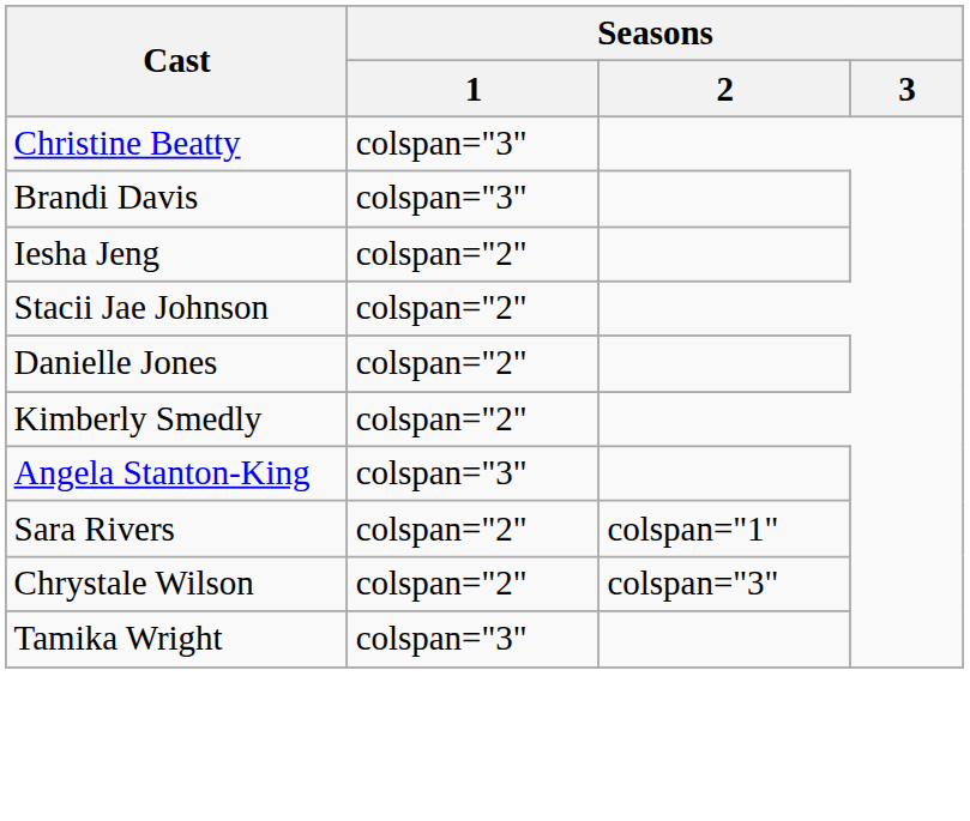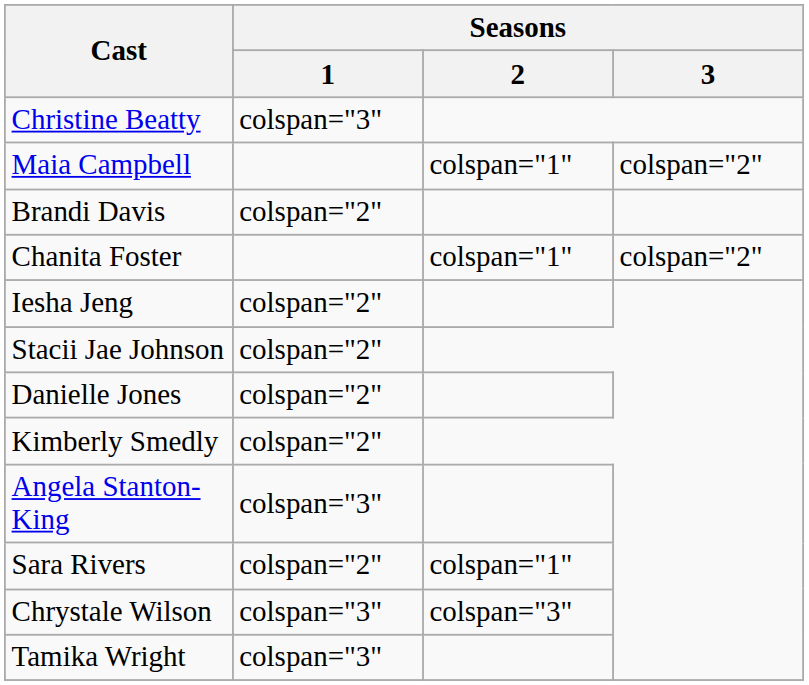 <table class="wikitable plainrowheaders" style="width:50%;">
 <tr>
 <th scope="col" rowspan="2" width="15%">Cast</th>
 <th scope="col" colspan="3">Seasons</th>
 </tr>
 <tr>
 <th style="width:5%;">1</th>
 <th style="width:5%;">2</th>
 <th style="width:5%;">3</th>
 </tr>
 <tr>
 <td><a href='#'>Christine Beatty</a></td>
 <td>colspan="3" </td>
 </tr>
 <tr>
+<td><a href='#'>Maia Campbell</a></td>
+<td></td>
+<td>colspan="1" </td>
+<td>colspan="2" </td>
+</tr>
+<tr>
 <td>Brandi Davis</td>
-<td>colspan="3" </td>
+<td>colspan="2" </td>
 <td></td>
+</tr>
+<tr>
+<td>Chanita Foster</td>
+<td></td>
+<td>colspan="1" </td>
+<td>colspan="2" </td>
 </tr>
 <tr>
 <td>Iesha Jeng</td>
 <td>colspan="2" </td>
 <td></td>
 </tr>
 <tr>
 <td>Stacii Jae Johnson</td>
 <td>colspan="2" </td>
 </tr>
 <tr>
 <td>Danielle Jones</td>
 <td>colspan="2" </td>
 <td></td>
 </tr>
 <tr>
 <td>Kimberly Smedly</td>
 <td>colspan="2" </td>
 </tr>
 <tr>
 <td><a href='#'>Angela Stanton-King</a></td>
 <td>colspan="3" </td>
 <td></td>
 </tr>
 <tr>
 <td>Sara Rivers</td>
 <td>colspan="2" </td>
 <td>colspan="1" </td>
 </tr>
 <tr>
 <td>Chrystale Wilson</td>
-<td>colspan="2" </td>
+<td>colspan="3" </td>
 <td>colspan="3" </td>
 </tr>
 <tr>
 <td>Tamika Wright</td>
 <td>colspan="3" </td>
 <td></td>
 </tr>
 </table>
